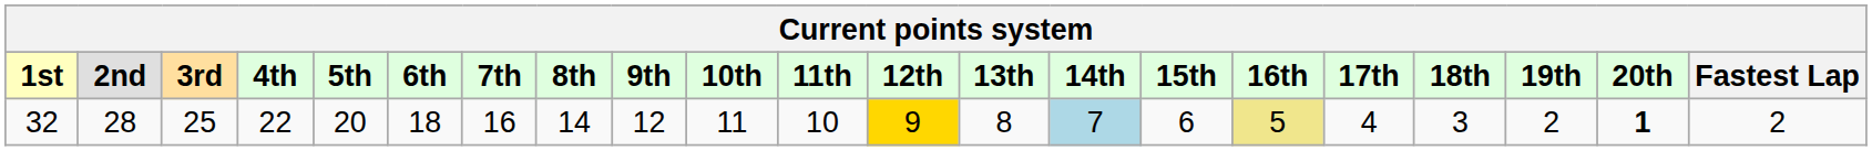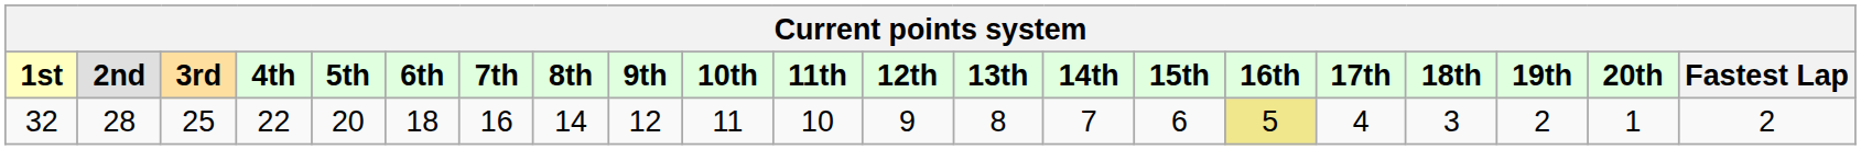 <table class="wikitable" style="font-size:95%; text-align:center">
 <tr>
 <th colspan="21">Current points system</th>
 </tr>
 <tr>
 <td style="background:#ffffbf;"> <strong>1st</strong> </td>
 <td style="background:#dfdfdf;"> <strong>2nd</strong> </td>
 <td style="background:#ffdf9f;"> <strong>3rd</strong> </td>
 <td style="background:#dfffdf;"> <strong>4th</strong> </td>
 <td style="background:#dfffdf;"> <strong>5th</strong> </td>
 <td style="background:#dfffdf;"> <strong>6th</strong> </td>
 <td style="background:#dfffdf;"> <strong>7th</strong> </td>
 <td style="background:#dfffdf;"> <strong>8th</strong> </td>
 <td style="background:#dfffdf;"> <strong>9th</strong> </td>
 <td style="background:#dfffdf;"> <strong>10th</strong> </td>
 <td style="background:#dfffdf;"> <strong>11th</strong> </td>
 <td style="background:#dfffdf;"> <strong>12th</strong> </td>
 <td style="background:#dfffdf;"> <strong>13th</strong> </td>
 <td style="background:#dfffdf;"> <strong>14th</strong> </td>
 <td style="background:#dfffdf;"> <strong>15th</strong> </td>
 <td style="background:#dfffdf;"> <strong>16th</strong> </td>
 <td style="background:#dfffdf;"> <strong>17th</strong> </td>
 <td style="background:#dfffdf;"> <strong>18th</strong> </td>
 <td style="background:#dfffdf;"> <strong>19th</strong> </td>
 <td style="background:#dfffdf;"> <strong>20th</strong> </td>
 <th>Fastest Lap</th>
 </tr>
 <tr>
 <td>32</td>
 <td>28</td>
 <td>25</td>
 <td>22</td>
 <td>20</td>
 <td>18</td>
 <td>16</td>
 <td>14</td>
 <td>12</td>
 <td>11</td>
 <td>10</td>
-<td style="background: gold;">9</td>
+<td>9</td>
 <td>8</td>
-<td style="background: lightblue;">7</td>
+<td>7</td>
 <td>6</td>
 <td style="background: khaki;">5</td>
 <td>4</td>
 <td>3</td>
 <td>2</td>
-<td><strong>1</strong></td>
+<td>1</td>
 <td>2</td>
 </tr>
 </table>
